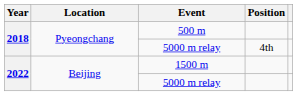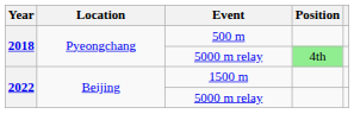 <table class=wikitable sortable plainrowheaders style="text-align: center;">
 <tr>
 <th scope="col">Year</th>
 <th scope="col" width="150">Location</th>
 <th scope="col" width="150">Event</th>
 <th scope="col">Position</th>
 <th scope="col" class="unsortable"></th>
 </tr>
 <tr>
 <th scope="row" rowspan="2"><a href='#'>2018</a></th>
 <td rowspan="2"> <a href='#'>Pyeongchang</a></td>
 <td><a href='#'>500 m</a></td>
 <td></td>
 <td></td>
 </tr>
 <tr>
 <td><a href='#'>5000 m relay</a></td>
-<td>4th</td>
+<td style="background: lightgreen;">4th</td>
 <td></td>
 </tr>
 <tr>
 <th scope="row" rowspan="2"><a href='#'>2022</a></th>
 <td rowspan="2"> <a href='#'>Beijing</a></td>
 <td><a href='#'>1500 m</a></td>
 <td></td>
 <td></td>
 </tr>
 <tr>
 <td><a href='#'>5000 m relay</a></td>
 <td></td>
 <td></td>
 </tr>
 </table>
